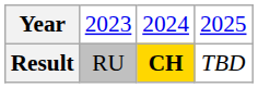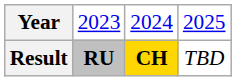 <table class="wikitable" style="text-align:center; font-size:90%; background:white">
 <tr>
 <th>Year</th>
 <td><a href='#'>2023</a></td>
 <td><a href='#'>2024</a></td>
 <td><a href='#'>2025</a></td>
 </tr>
 <tr>
 <th>Result</th>
-<td bgcolor="silver">RU</td>
+<td bgcolor="silver"><strong>RU</strong></td>
 <td bgcolor="gold"><strong>CH</strong></td>
 <td><em>TBD</em></td>
 </tr>
 </table>
